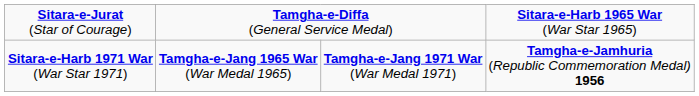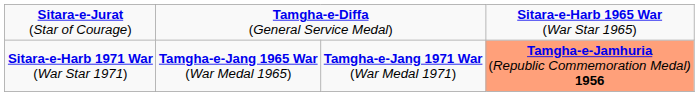 <table class="wikitable" style="margin:1em auto; text-align:center;">
 <tr>
 <td><strong><a href='#'>Sitara-e-Jurat</a></strong><br>(<em>Star of Courage</em>)</td>
 <td colspan="2"><strong><a href='#'>Tamgha-e-Diffa</a></strong><br>(<em>General Service Medal</em>)</td>
 <td><strong><a href='#'>Sitara-e-Harb 1965 War</a></strong><br>(<em>War Star 1965</em>)</td>
 </tr>
 <tr>
 <td><strong><a href='#'>Sitara-e-Harb 1971 War</a></strong><br>(<em>War Star 1971</em>)</td>
 <td><strong><a href='#'>Tamgha-e-Jang 1965 War</a></strong><br>(<em>War Medal 1965</em>)</td>
 <td><strong><a href='#'>Tamgha-e-Jang 1971 War</a></strong><br>(<em>War Medal 1971</em>)</td>
-<td><strong><a href='#'>Tamgha-e-Jamhuria</a></strong><br>(<em>Republic Commemoration Medal)</em><br><strong>1956</strong></td>
+<td style="background: lightsalmon;"><strong><a href='#'>Tamgha-e-Jamhuria</a></strong><br>(<em>Republic Commemoration Medal)</em><br><strong>1956</strong></td>
 </tr>
 </table>
